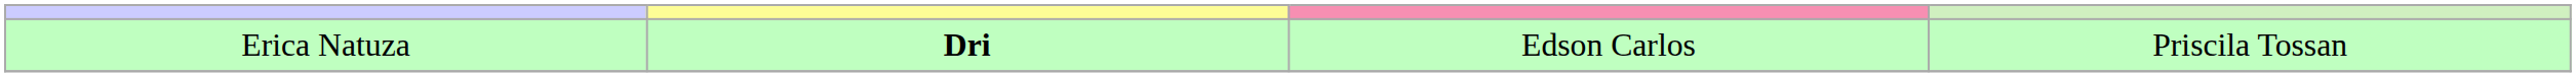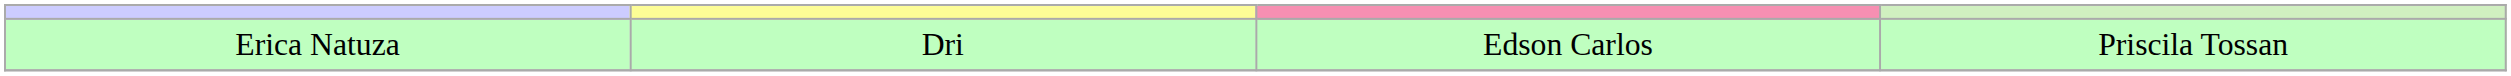 <table class="wikitable"  style="text-align:center; font-size:100%; width:100%;">
 <tr>
 <td scope="col" width="25%" bgcolor=CCCCFF><strong></strong></td>
 <td scope="col" width="25%" bgcolor=FDFD96><strong></strong></td>
 <td scope="col" width="25%" bgcolor=F78FB2><strong></strong></td>
 <td scope="col" width="25%" bgcolor=D0F0C0><strong></strong></td>
 </tr>
 <tr>
 <td bgcolor=BFFFC0>Erica Natuza</td>
-<td bgcolor=BFFFC0><strong>Dri</strong></td>
+<td bgcolor=BFFFC0>Dri</td>
 <td bgcolor=BFFFC0>Edson Carlos</td>
 <td bgcolor=BFFFC0>Priscila Tossan</td>
 </tr>
 <tr>
 </tr>
 </table>
